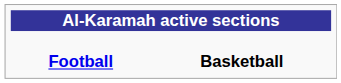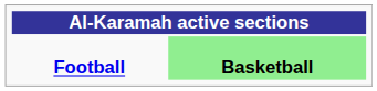 <table class="infobox" style="width: 20em; font-size: 95%em;">
 <tr style="color:white; background:#333399; text-align:center;">
 <th colspan="3">Al-Karamah active sections</th>
 </tr>
 <tr style="text-align: center">
 <td><br><strong><a href='#'>Football</a></strong></td>
-<td><br><strong>Basketball</strong></td>
+<td style="background: lightgreen;"><br><strong>Basketball</strong></td>
 </tr>
 </table>
